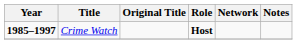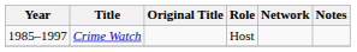 <table class="wikitable sortable">
 <tr>
 <th>Year</th>
 <th>Title</th>
 <th>Original Title</th>
 <th>Role</th>
 <th>Network</th>
 <th>Notes</th>
 </tr>
 <tr>
-<td><strong>1985–1997</strong></td>
+<td>1985–1997</td>
 <td><em><a href='#'>Crime Watch</a></em></td>
 <td></td>
-<td><strong>Host</strong></td>
+<td>Host</td>
 <td></td>
 <td></td>
 </tr>
 <tr>
 </tr>
 </table>
